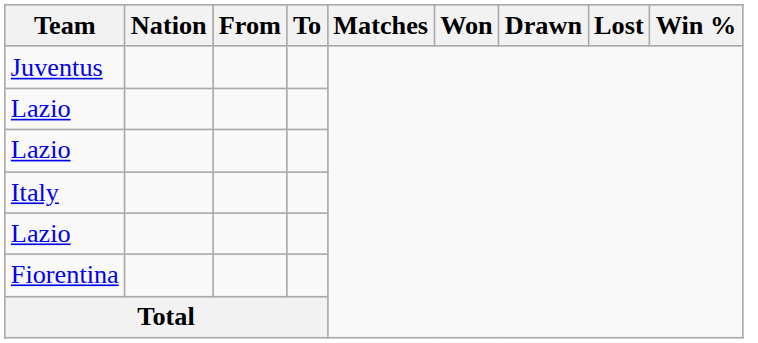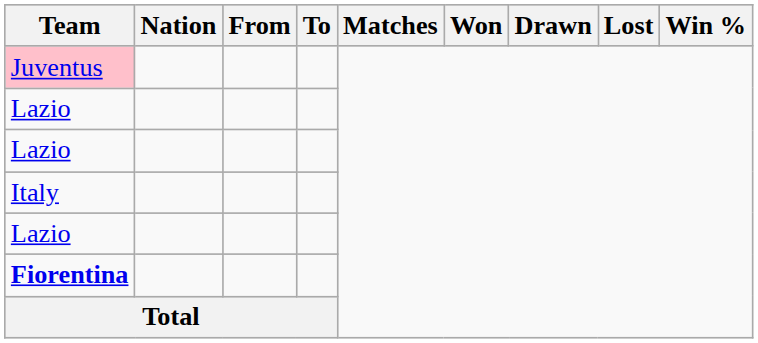 <table class="wikitable sortable" style="text-align:center">
 <tr>
 <th>Team</th>
 <th class="unsortable">Nation</th>
 <th>From</th>
 <th>To</th>
 <th>Matches</th>
 <th>Won</th>
 <th>Drawn</th>
 <th>Lost</th>
 <th>Win %</th>
 </tr>
 <tr>
-<td align=left><a href='#'>Juventus</a></td>
+<td align=left style="background: pink;"><a href='#'>Juventus</a></td>
 <td></td>
 <td align=left></td>
 <td align=left><br></td>
 </tr>
 <tr>
 <td align=left><a href='#'>Lazio</a></td>
 <td></td>
 <td align=left></td>
 <td align=left><br></td>
 </tr>
 <tr>
 <td align=left><a href='#'>Lazio</a></td>
 <td></td>
 <td align=left></td>
 <td align=left><br></td>
 </tr>
 <tr>
 <td align=left><a href='#'>Italy</a></td>
 <td></td>
 <td align=left></td>
 <td align=left><br></td>
 </tr>
 <tr>
 <td align=left><a href='#'>Lazio</a></td>
 <td></td>
 <td align=left></td>
 <td align=left><br></td>
 </tr>
 <tr>
-<td align=left><a href='#'>Fiorentina</a></td>
+<td align=left><strong><a href='#'>Fiorentina</a></strong></td>
 <td></td>
 <td align=left></td>
 <td align=left><br></td>
 </tr>
 <tr>
 <th colspan="4">Total<br></th>
 </tr>
 </table>
